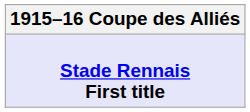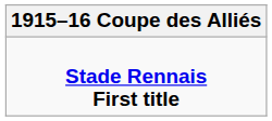 <table class=wikitable style="text-align: center; margin: 0 auto;">
 <tr>
 <th>1915–16 Coupe des Alliés</th>
 </tr>
 <tr>
-<td align=center style="background: lavender;"><br><strong><a href='#'>Stade Rennais</a></strong><br><strong>First title</strong></td>
+<td align=center><br><strong><a href='#'>Stade Rennais</a></strong><br><strong>First title</strong></td>
 </tr>
 </table>
